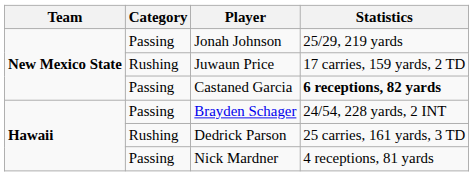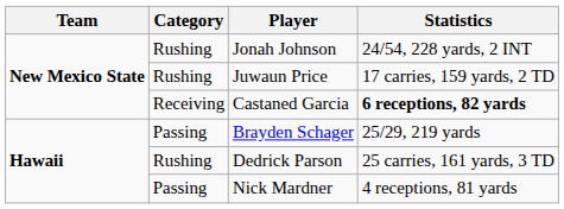 <table class="wikitable" style="float: left;">
 <tr>
 <th>Team</th>
 <th>Category</th>
 <th>Player</th>
 <th>Statistics</th>
 </tr>
 <tr>
 <td rowspan=3><strong>New Mexico State</strong></td>
-<td>Passing</td>
+<td>Rushing</td>
 <td>Jonah Johnson</td>
-<td>25/29, 219 yards</td>
+<td>24/54, 228 yards, 2 INT</td>
 </tr>
 <tr>
 <td>Rushing</td>
 <td>Juwaun Price</td>
 <td>17 carries, 159 yards, 2 TD</td>
 </tr>
 <tr>
-<td>Passing</td>
+<td>Receiving</td>
 <td>Castaned Garcia</td>
 <td><strong>6 receptions, 82 yards</strong></td>
 </tr>
 <tr>
 <td rowspan=3><strong>Hawaii</strong></td>
 <td>Passing</td>
 <td><a href='#'>Brayden Schager</a></td>
-<td>24/54, 228 yards, 2 INT</td>
+<td>25/29, 219 yards</td>
 </tr>
 <tr>
 <td>Rushing</td>
 <td>Dedrick Parson</td>
 <td>25 carries, 161 yards, 3 TD</td>
 </tr>
 <tr>
 <td>Passing</td>
 <td>Nick Mardner</td>
 <td>4 receptions, 81 yards</td>
 </tr>
 </table>
